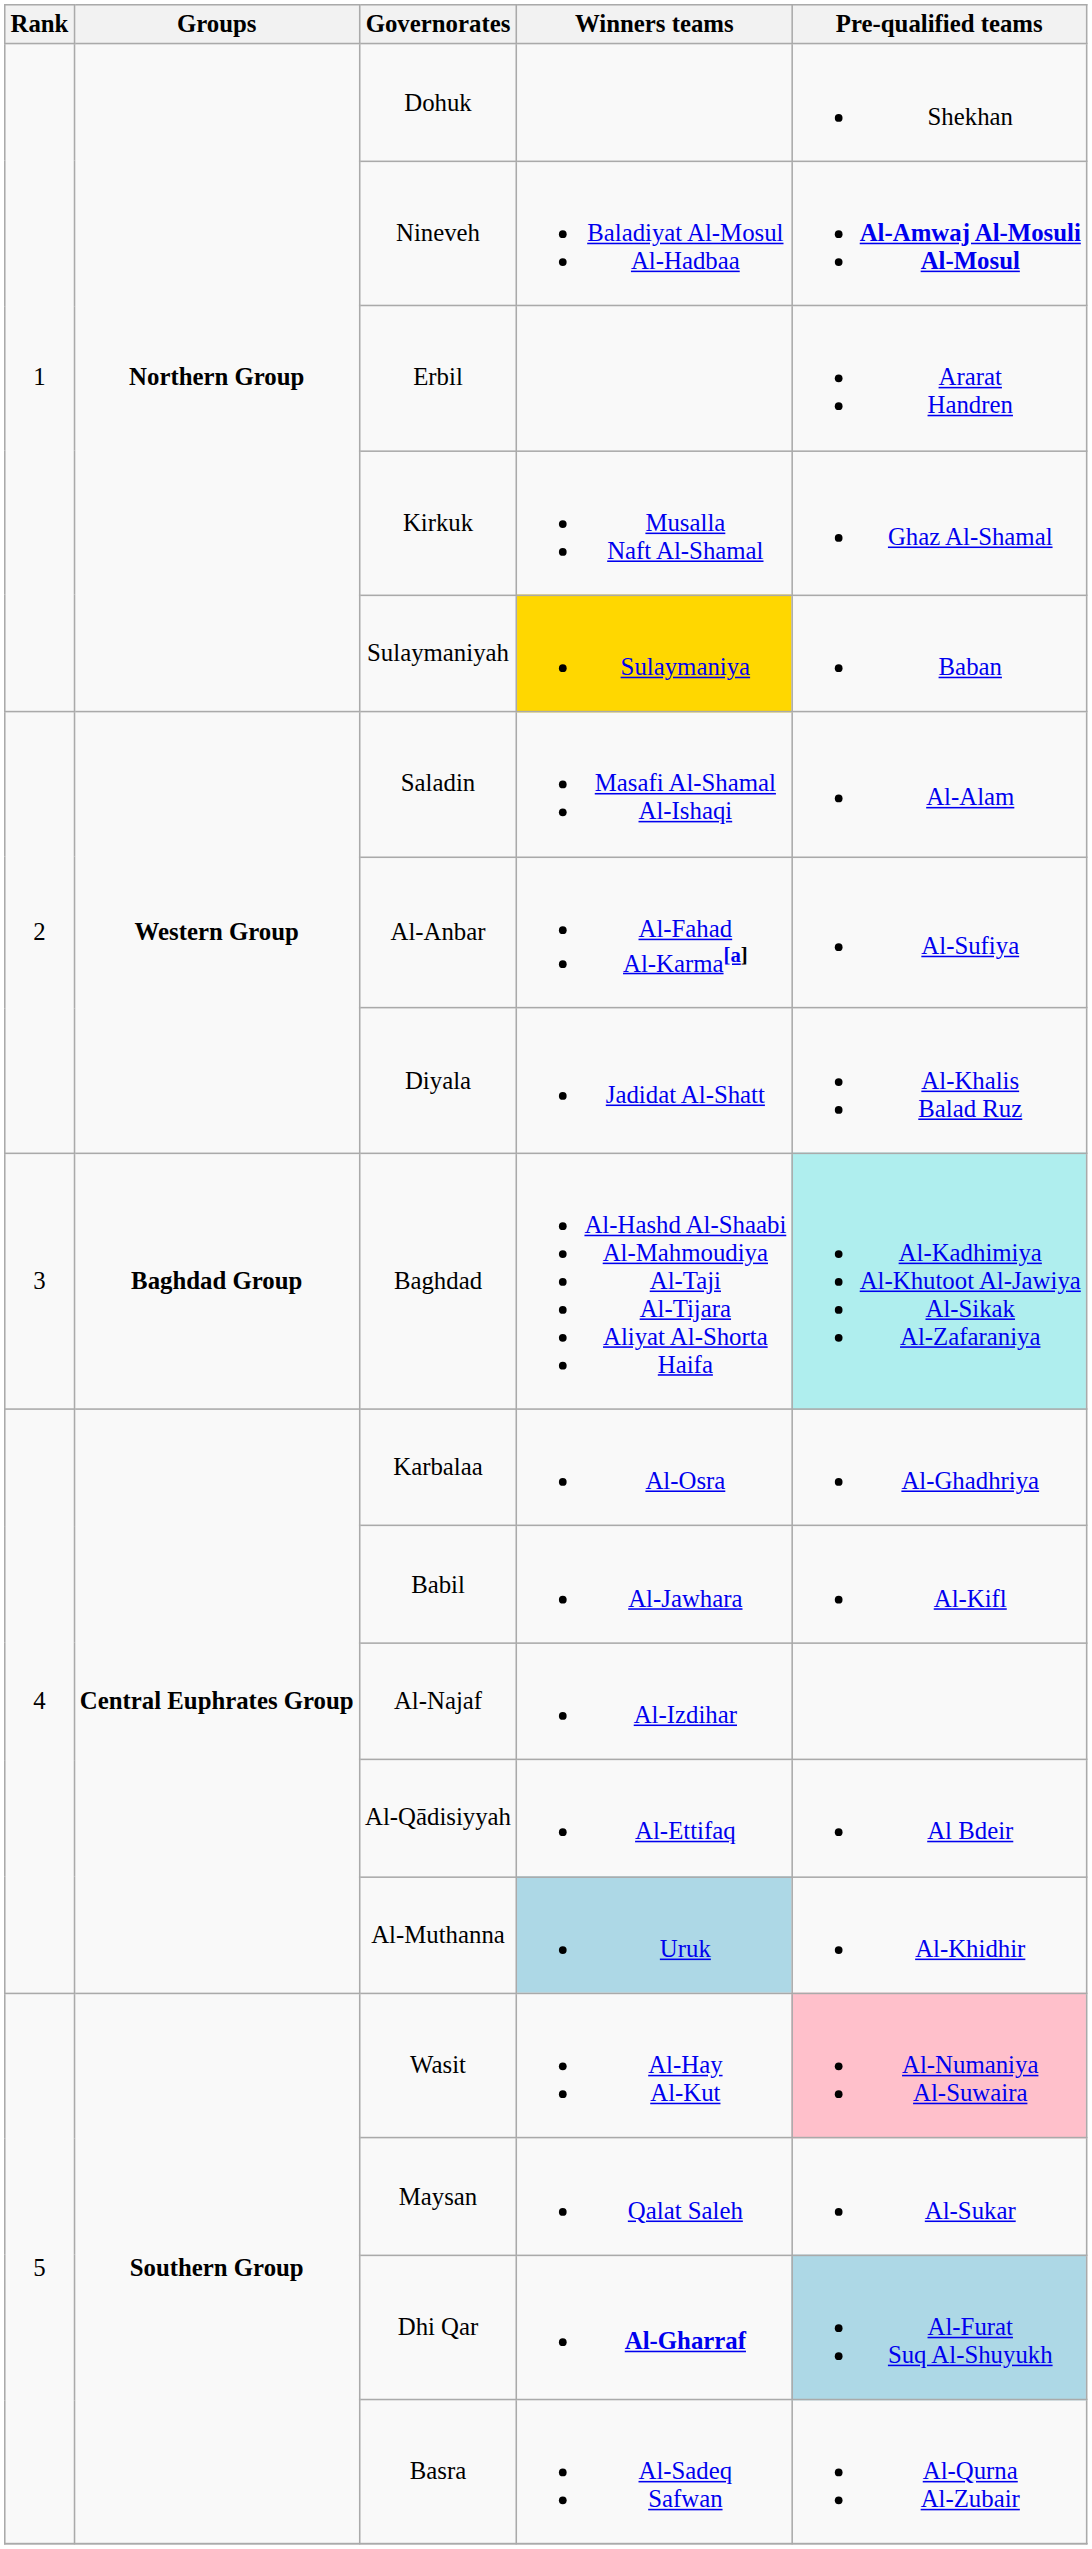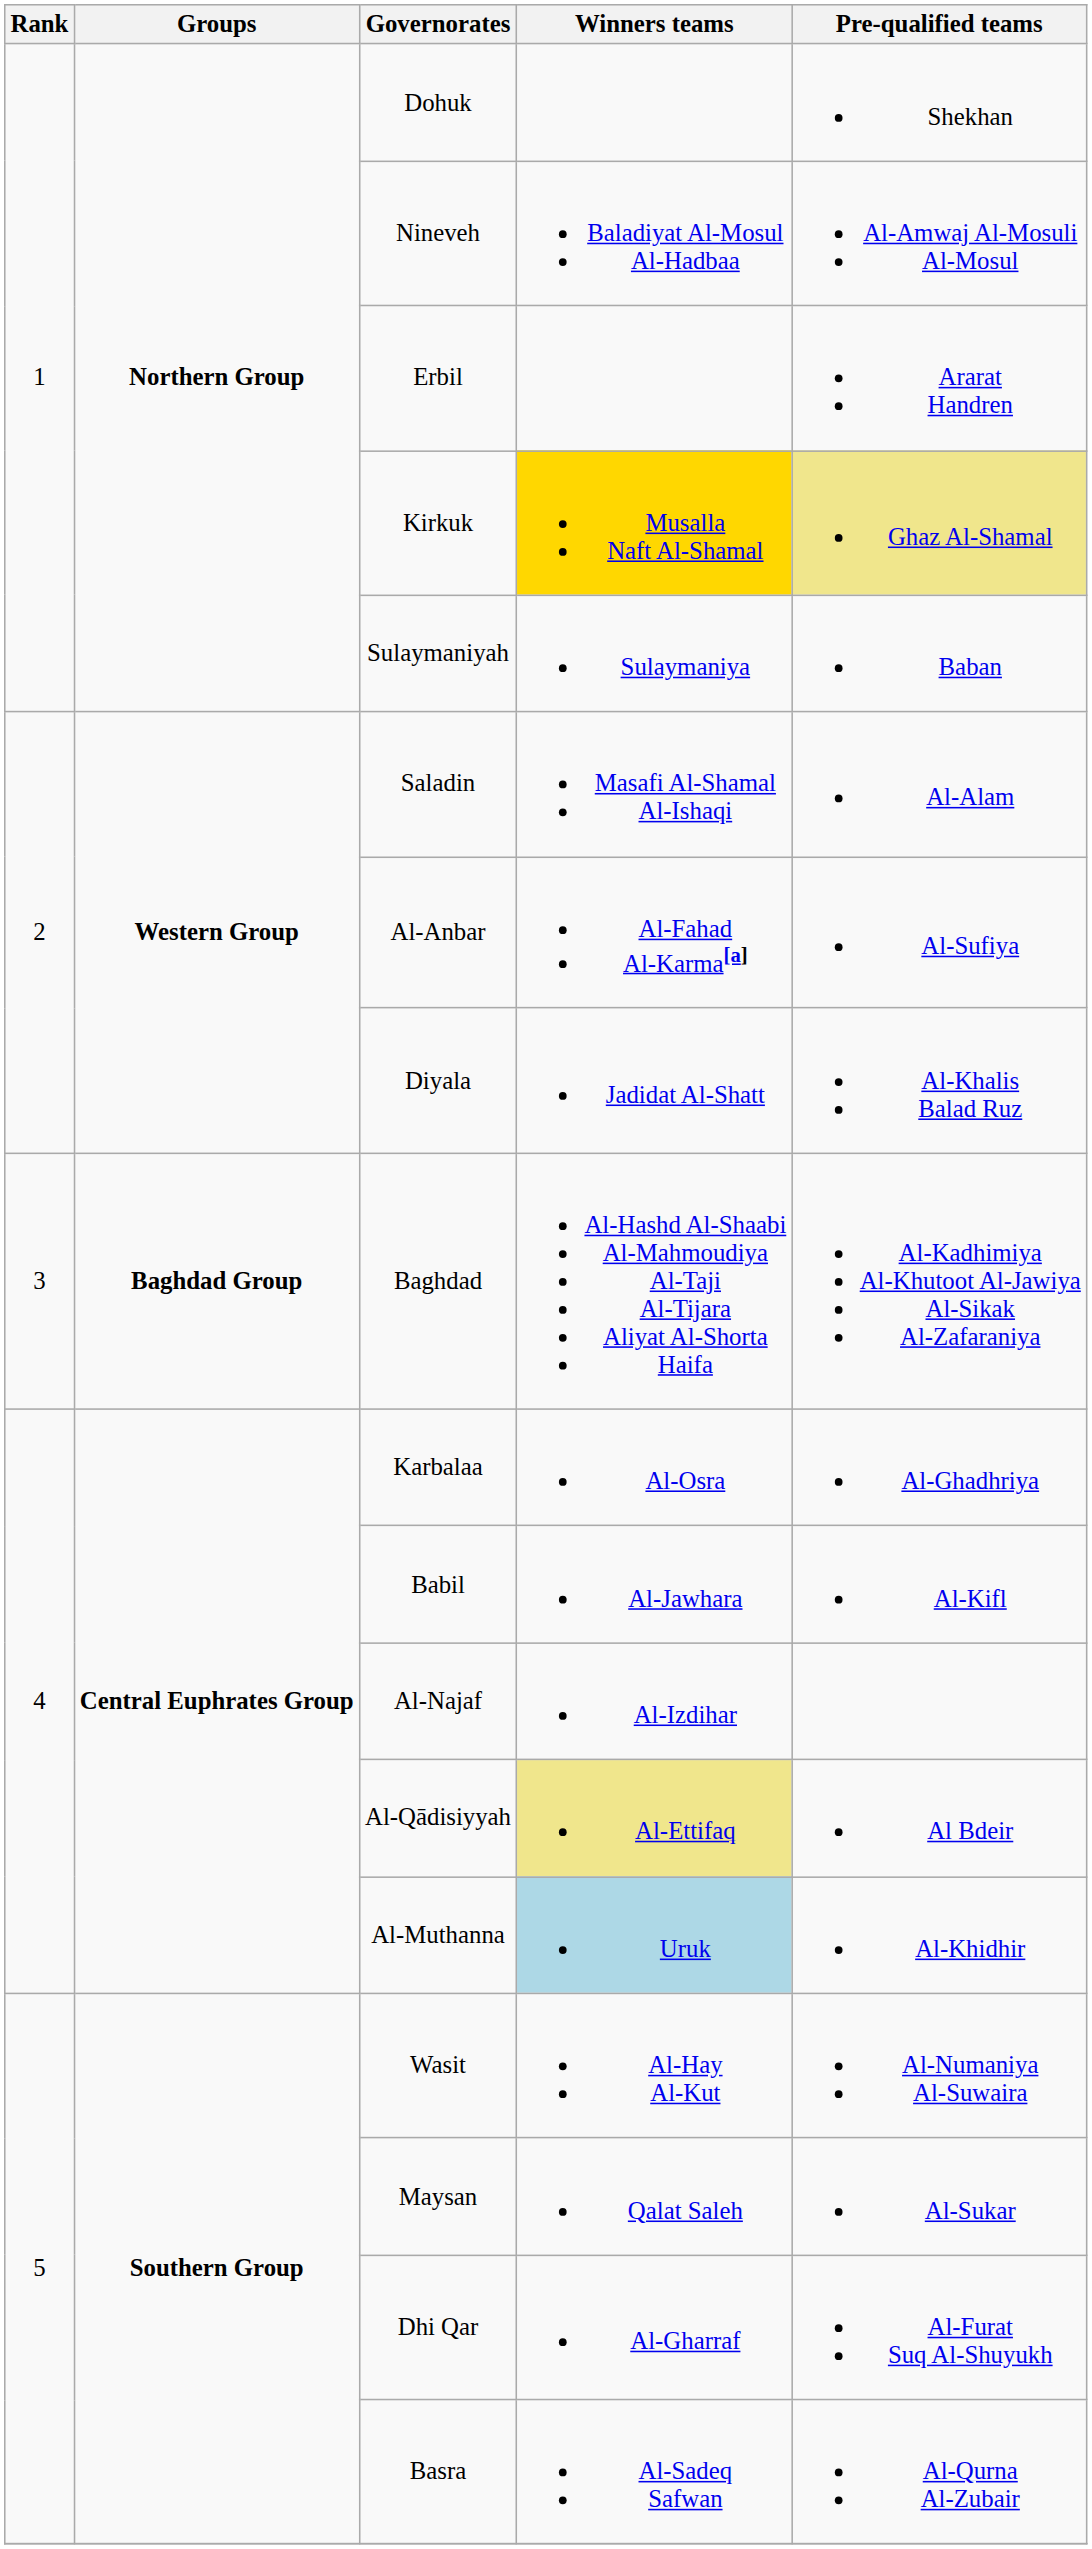 <table class="wikitable" style="text-align:center">
 <tr>
 <th>Rank</th>
 <th>Groups</th>
 <th>Governorates</th>
 <th>Winners teams</th>
 <th>Pre-qualified teams</th>
 </tr>
 <tr>
 <td rowspan=5>1</td>
 <td rowspan=5><strong>Northern Group</strong></td>
 <td>Dohuk</td>
 <td></td>
 <td><br><ul><li>Shekhan</li></ul></td>
 </tr>
 <tr>
 <td>Nineveh</td>
 <td><br><ul><li><a href='#'>Baladiyat Al-Mosul</a></li><li><a href='#'>Al-Hadbaa</a></li></ul></td>
-<td><strong><br><ul><li><a href='#'>Al-Amwaj Al-Mosuli</a></li><li><a href='#'>Al-Mosul</a></li></ul></strong></td>
+<td><br><ul><li><a href='#'>Al-Amwaj Al-Mosuli</a></li><li><a href='#'>Al-Mosul</a></li></ul></td>
 </tr>
 <tr>
 <td>Erbil</td>
 <td></td>
 <td><br><ul><li><a href='#'>Ararat</a></li><li><a href='#'>Handren</a></li></ul></td>
 </tr>
 <tr>
 <td>Kirkuk</td>
-<td><br><ul><li><a href='#'>Musalla</a></li><li><a href='#'>Naft Al-Shamal</a></li></ul></td>
-<td><br><ul><li><a href='#'>Ghaz Al-Shamal</a></li></ul></td>
+<td style="background: gold;"><br><ul><li><a href='#'>Musalla</a></li><li><a href='#'>Naft Al-Shamal</a></li></ul></td>
+<td style="background: khaki;"><br><ul><li><a href='#'>Ghaz Al-Shamal</a></li></ul></td>
 </tr>
 <tr>
 <td>Sulaymaniyah</td>
-<td style="background: gold;"><br><ul><li><a href='#'>Sulaymaniya</a></li></ul></td>
+<td><br><ul><li><a href='#'>Sulaymaniya</a></li></ul></td>
 <td><br><ul><li><a href='#'>Baban</a></li></ul></td>
 </tr>
 <tr>
 <td rowspan=3>2</td>
 <td rowspan=3><strong>Western Group</strong></td>
 <td>Saladin</td>
 <td><br><ul><li><a href='#'>Masafi Al-Shamal</a></li><li><a href='#'>Al-Ishaqi</a></li></ul></td>
 <td><br><ul><li><a href='#'>Al-Alam</a></li></ul></td>
 </tr>
 <tr>
 <td>Al-Anbar</td>
 <td><br><ul><li><a href='#'>Al-Fahad</a></li><li><a href='#'>Al-Karma</a><sup><strong><a href='#'>[a</a>]</strong></sup></li></ul></td>
 <td><br><ul><li><a href='#'>Al-Sufiya</a></li></ul></td>
 </tr>
 <tr>
 <td>Diyala</td>
 <td><br><ul><li><a href='#'>Jadidat Al-Shatt</a></li></ul></td>
 <td><br><ul><li><a href='#'>Al-Khalis</a></li><li><a href='#'>Balad Ruz</a></li></ul></td>
 </tr>
 <tr>
 <td rowspan=1>3</td>
 <td rowspan=1><strong>Baghdad Group</strong></td>
 <td>Baghdad</td>
 <td><br><ul><li><a href='#'>Al-Hashd Al-Shaabi</a></li><li><a href='#'>Al-Mahmoudiya</a></li><li><a href='#'>Al-Taji</a></li><li><a href='#'>Al-Tijara</a></li><li><a href='#'>Aliyat Al-Shorta</a></li><li><a href='#'>Haifa</a></li></ul></td>
-<td rowspan=1 style="background: paleturquoise;"><br><ul><li><a href='#'>Al-Kadhimiya</a></li><li><a href='#'>Al-Khutoot Al-Jawiya</a></li><li><a href='#'>Al-Sikak</a></li><li><a href='#'>Al-Zafaraniya</a></li></ul></td>
+<td rowspan=1><br><ul><li><a href='#'>Al-Kadhimiya</a></li><li><a href='#'>Al-Khutoot Al-Jawiya</a></li><li><a href='#'>Al-Sikak</a></li><li><a href='#'>Al-Zafaraniya</a></li></ul></td>
 </tr>
 <tr>
 <td rowspan=5>4</td>
 <td rowspan=5><strong>Central Euphrates Group</strong></td>
 <td>Karbalaa</td>
 <td><br><ul><li><a href='#'>Al-Osra</a></li></ul></td>
 <td><br><ul><li><a href='#'>Al-Ghadhriya</a></li></ul></td>
 </tr>
 <tr>
 <td>Babil</td>
 <td><br><ul><li><a href='#'>Al-Jawhara</a></li></ul></td>
 <td><br><ul><li><a href='#'>Al-Kifl</a></li></ul></td>
 </tr>
 <tr>
 <td>Al-Najaf</td>
 <td><br><ul><li><a href='#'>Al-Izdihar</a></li></ul></td>
 <td></td>
 </tr>
 <tr>
 <td>Al-Qādisiyyah</td>
-<td><br><ul><li><a href='#'>Al-Ettifaq</a></li></ul></td>
+<td style="background: khaki;"><br><ul><li><a href='#'>Al-Ettifaq</a></li></ul></td>
 <td><br><ul><li><a href='#'>Al Bdeir</a></li></ul></td>
 </tr>
 <tr>
 <td>Al-Muthanna</td>
 <td style="background: lightblue;"><br><ul><li><a href='#'>Uruk</a></li></ul></td>
 <td><br><ul><li><a href='#'>Al-Khidhir</a></li></ul></td>
 </tr>
 <tr>
 <td rowspan=4>5</td>
 <td rowspan=4><strong>Southern Group</strong></td>
 <td>Wasit</td>
 <td><br><ul><li><a href='#'>Al-Hay</a></li><li><a href='#'>Al-Kut</a></li></ul></td>
-<td style="background: pink;"><br><ul><li><a href='#'>Al-Numaniya</a></li><li><a href='#'>Al-Suwaira</a></li></ul></td>
+<td><br><ul><li><a href='#'>Al-Numaniya</a></li><li><a href='#'>Al-Suwaira</a></li></ul></td>
 </tr>
 <tr>
 <td>Maysan</td>
 <td><br><ul><li><a href='#'>Qalat Saleh</a></li></ul></td>
 <td><br><ul><li><a href='#'>Al-Sukar</a></li></ul></td>
 </tr>
 <tr>
 <td>Dhi Qar</td>
-<td><strong><br><ul><li><a href='#'>Al-Gharraf</a></li></ul></strong></td>
-<td style="background: lightblue;"><br><ul><li><a href='#'>Al-Furat</a></li><li><a href='#'>Suq Al-Shuyukh</a></li></ul></td>
+<td><br><ul><li><a href='#'>Al-Gharraf</a></li></ul></td>
+<td><br><ul><li><a href='#'>Al-Furat</a></li><li><a href='#'>Suq Al-Shuyukh</a></li></ul></td>
 </tr>
 <tr>
 <td>Basra</td>
 <td><br><ul><li><a href='#'>Al-Sadeq</a></li><li><a href='#'>Safwan</a></li></ul></td>
 <td><br><ul><li><a href='#'>Al-Qurna</a></li><li><a href='#'>Al-Zubair</a></li></ul></td>
 </tr>
 <tr>
 </tr>
 </table>
